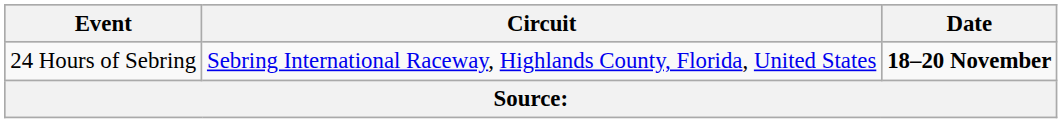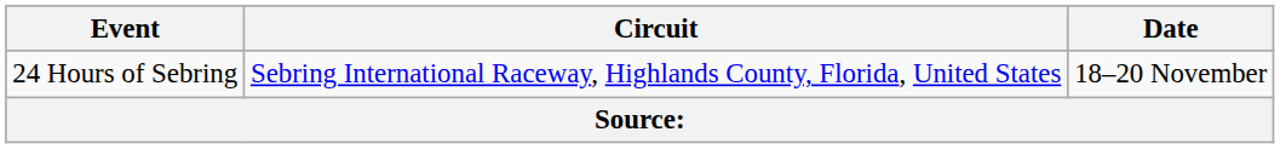 <table class="wikitable" style="font-size: 85%">
 <tr>
 <th>Event</th>
 <th>Circuit</th>
 <th>Date</th>
 </tr>
 <tr>
 <td>24 Hours of Sebring</td>
 <td> <a href='#'>Sebring International Raceway</a>, <a href='#'>Highlands County, Florida</a>, <a href='#'>United States</a></td>
-<td><strong>18–20 November</strong></td>
+<td>18–20 November</td>
 </tr>
 <tr>
 <th colspan=3>Source:</th>
 </tr>
 </table>
